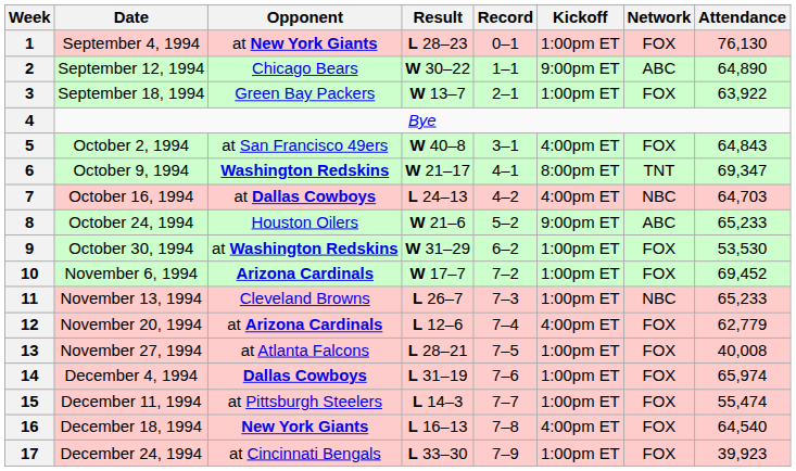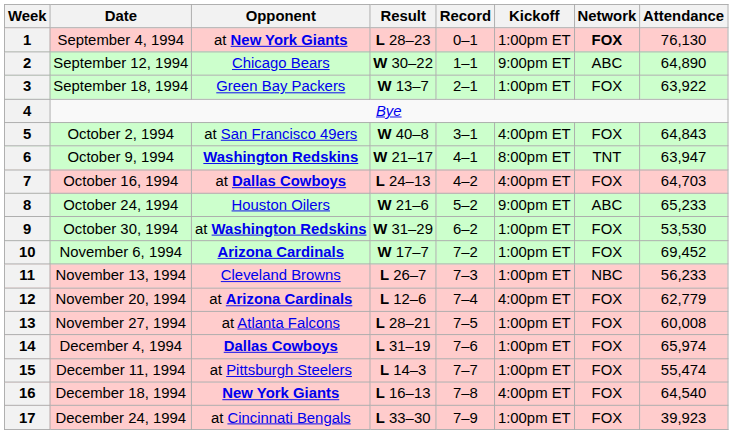 <table class="wikitable" style="text-align:center">
 <tr>
 <th>Week</th>
 <th>Date</th>
 <th>Opponent</th>
 <th>Result</th>
 <th>Record</th>
 <th>Kickoff</th>
 <th>Network</th>
 <th>Attendance</th>
 </tr>
 <tr style="background: #fcc">
 <th>1</th>
 <td>September 4, 1994</td>
 <td>at <strong><a href='#'>New York Giants</a></strong></td>
 <td><strong>L</strong> 28–23</td>
 <td>0–1</td>
 <td>1:00pm ET</td>
-<td>FOX</td>
+<td><strong>FOX</strong></td>
 <td>76,130</td>
 </tr>
 <tr style="background: #cfc">
 <th>2</th>
 <td>September 12, 1994</td>
 <td><a href='#'>Chicago Bears</a></td>
 <td><strong>W</strong> 30–22</td>
 <td>1–1</td>
 <td>9:00pm ET</td>
 <td>ABC</td>
 <td>64,890</td>
 </tr>
 <tr style="background: #cfc">
 <th>3</th>
 <td>September 18, 1994</td>
 <td><a href='#'>Green Bay Packers</a></td>
 <td><strong>W</strong> 13–7</td>
 <td>2–1</td>
 <td>1:00pm ET</td>
 <td>FOX</td>
 <td>63,922</td>
 </tr>
 <tr>
 <th>4</th>
 <td colspan="7" style="text-align:center;"><em><a href='#'>Bye</a></em></td>
 </tr>
 <tr style="background: #cfc">
 <th>5</th>
 <td>October 2, 1994</td>
 <td>at <a href='#'>San Francisco 49ers</a></td>
 <td><strong>W</strong> 40–8</td>
 <td>3–1</td>
 <td>4:00pm ET</td>
 <td>FOX</td>
 <td>64,843</td>
 </tr>
 <tr style="background: #cfc">
 <th>6</th>
 <td>October 9, 1994</td>
 <td><strong><a href='#'>Washington Redskins</a></strong></td>
 <td><strong>W</strong> 21–17</td>
 <td>4–1</td>
 <td>8:00pm ET</td>
 <td>TNT</td>
-<td>69,347</td>
+<td>63,947</td>
 </tr>
 <tr style="background: #fcc">
 <th>7</th>
 <td>October 16, 1994</td>
 <td>at <strong><a href='#'>Dallas Cowboys</a></strong></td>
 <td><strong>L</strong> 24–13</td>
 <td>4–2</td>
 <td>4:00pm ET</td>
-<td>NBC</td>
+<td>FOX</td>
 <td>64,703</td>
 </tr>
 <tr style="background: #cfc">
 <th>8</th>
 <td>October 24, 1994</td>
 <td><a href='#'>Houston Oilers</a></td>
 <td><strong>W</strong> 21–6</td>
 <td>5–2</td>
 <td>9:00pm ET</td>
 <td>ABC</td>
 <td>65,233</td>
 </tr>
 <tr style="background: #cfc">
 <th>9</th>
 <td>October 30, 1994</td>
 <td>at <strong><a href='#'>Washington Redskins</a></strong></td>
 <td><strong>W</strong> 31–29</td>
 <td>6–2</td>
 <td>1:00pm ET</td>
 <td>FOX</td>
 <td>53,530</td>
 </tr>
 <tr style="background: #cfc">
 <th>10</th>
 <td>November 6, 1994</td>
 <td><strong><a href='#'>Arizona Cardinals</a></strong></td>
 <td><strong>W</strong> 17–7</td>
 <td>7–2</td>
 <td>1:00pm ET</td>
 <td>FOX</td>
 <td>69,452</td>
 </tr>
 <tr style="background: #fcc">
 <th>11</th>
 <td>November 13, 1994</td>
 <td><a href='#'>Cleveland Browns</a></td>
 <td><strong>L</strong> 26–7</td>
 <td>7–3</td>
 <td>1:00pm ET</td>
 <td>NBC</td>
-<td>65,233</td>
+<td>56,233</td>
 </tr>
 <tr style="background: #fcc">
 <th>12</th>
 <td>November 20, 1994</td>
 <td>at <strong><a href='#'>Arizona Cardinals</a></strong></td>
 <td><strong>L</strong> 12–6</td>
 <td>7–4</td>
 <td>4:00pm ET</td>
 <td>FOX</td>
 <td>62,779</td>
 </tr>
 <tr style="background: #fcc">
 <th>13</th>
 <td>November 27, 1994</td>
 <td>at <a href='#'>Atlanta Falcons</a></td>
 <td><strong>L</strong> 28–21</td>
 <td>7–5</td>
 <td>1:00pm ET</td>
 <td>FOX</td>
-<td>40,008</td>
+<td>60,008</td>
 </tr>
 <tr style="background: #fcc">
 <th>14</th>
 <td>December 4, 1994</td>
 <td><strong><a href='#'>Dallas Cowboys</a></strong></td>
 <td><strong>L</strong> 31–19</td>
 <td>7–6</td>
 <td>1:00pm ET</td>
 <td>FOX</td>
 <td>65,974</td>
 </tr>
 <tr style="background: #fcc">
 <th>15</th>
 <td>December 11, 1994</td>
 <td>at <a href='#'>Pittsburgh Steelers</a></td>
 <td><strong>L</strong> 14–3</td>
 <td>7–7</td>
 <td>1:00pm ET</td>
 <td>FOX</td>
 <td>55,474</td>
 </tr>
 <tr style="background: #fcc">
 <th>16</th>
 <td>December 18, 1994</td>
 <td><strong><a href='#'>New York Giants</a></strong></td>
 <td><strong>L</strong> 16–13</td>
 <td>7–8</td>
 <td>4:00pm ET</td>
 <td>FOX</td>
 <td>64,540</td>
 </tr>
 <tr style="background: #fcc">
 <th>17</th>
 <td>December 24, 1994</td>
 <td>at <a href='#'>Cincinnati Bengals</a></td>
 <td><strong>L</strong> 33–30</td>
 <td>7–9</td>
 <td>1:00pm ET</td>
 <td>FOX</td>
 <td>39,923</td>
 </tr>
 </table>
